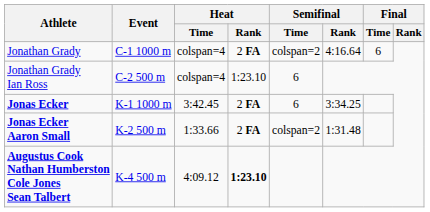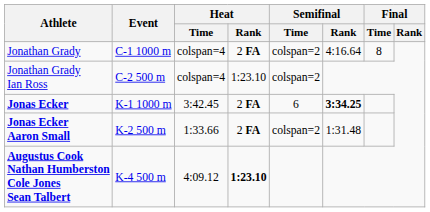 <table class=wikitable style=font-size:90%;text-align:center>
 <tr>
 <th rowspan=2>Athlete</th>
 <th rowspan=2>Event</th>
 <th colspan=2>Heat</th>
 <th colspan=2>Semifinal</th>
 <th colspan=2>Final</th>
 </tr>
 <tr style=font-size:95%>
 <th>Time</th>
 <th>Rank</th>
 <th>Time</th>
 <th>Rank</th>
 <th>Time</th>
 <th>Rank</th>
 </tr>
 <tr>
 <td align=left><a href='#'>Jonathan Grady</a></td>
 <td align=left><a href='#'>C-1 1000 m</a></td>
 <td>colspan=4 </td>
 <td>2 <strong>FA</strong></td>
 <td>colspan=2 </td>
 <td>4:16.64</td>
-<td>6</td>
+<td>8</td>
 </tr>
 <tr>
 <td align=left><a href='#'>Jonathan Grady</a><br><a href='#'>Ian Ross</a></td>
 <td align=left><a href='#'>C-2 500 m</a></td>
 <td>colspan=4 </td>
 <td>1:23.10</td>
-<td>6</td>
+<td>colspan=2 </td>
 </tr>
 <tr>
 <td align=left><strong><a href='#'>Jonas Ecker</a></strong></td>
 <td align=left><a href='#'>K-1 1000 m</a></td>
 <td>3:42.45</td>
 <td>2 <strong>FA</strong></td>
 <td>6</td>
-<td>3:34.25</td>
+<td><strong>3:34.25</strong></td>
 <td></td>
 </tr>
 <tr>
 <td align=left><strong><a href='#'>Jonas Ecker</a><br><a href='#'>Aaron Small</a></strong></td>
 <td align=left><a href='#'>K-2 500 m</a></td>
 <td>1:33.66</td>
 <td>2 <strong>FA</strong></td>
 <td>colspan=2 </td>
 <td>1:31.48</td>
 <td></td>
 </tr>
 <tr>
 <td align=left><strong><a href='#'>Augustus Cook</a><br><a href='#'>Nathan Humberston</a><br><a href='#'>Cole Jones</a><br><a href='#'>Sean Talbert</a></strong></td>
 <td align=left><a href='#'>K-4 500 m</a></td>
 <td>4:09.12</td>
 <td><strong>1:23.10</strong></td>
 <td></td>
 </tr>
 </table>
